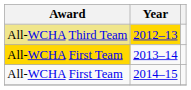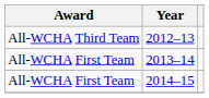 <table class="wikitable">
 <tr>
 <th>Award</th>
 <th>Year</th>
 <th></th>
 </tr>
 <tr>
-<td style="background: khaki;">All-<a href='#'>WCHA</a> <a href='#'>Third Team</a></td>
-<td style="background: gold;"><a href='#'>2012–13</a></td>
+<td>All-<a href='#'>WCHA</a> <a href='#'>Third Team</a></td>
+<td><a href='#'>2012–13</a></td>
 <td></td>
 </tr>
 <tr>
-<td style="background: gold;">All-<a href='#'>WCHA</a> <a href='#'>First Team</a></td>
+<td>All-<a href='#'>WCHA</a> <a href='#'>First Team</a></td>
 <td><a href='#'>2013–14</a></td>
 <td></td>
 </tr>
 <tr>
 <td>All-<a href='#'>WCHA</a> <a href='#'>First Team</a></td>
 <td><a href='#'>2014–15</a></td>
 <td></td>
 </tr>
 <tr>
 </tr>
 </table>
